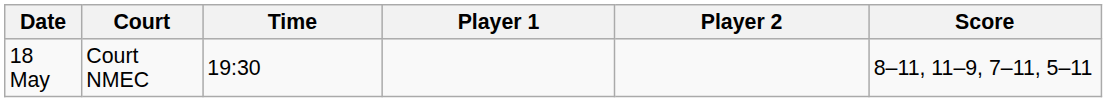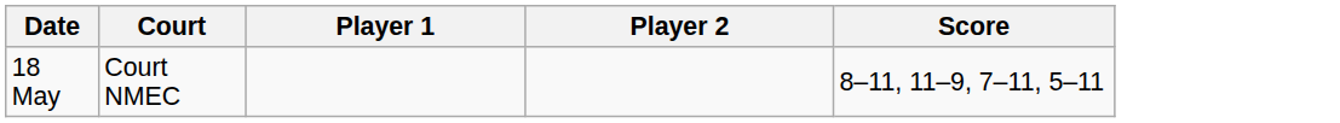 <table class="sortable wikitable" style="font-size:90%">
 <tr>
 <th width="45" class="unsortable">Date</th>
 <th width="75">Court</th>
-<th width="115">Time</th>
 <th width="150">Player 1</th>
 <th width="165">Player 2</th>
 <th width="150" class="unsortable">Score</th>
 </tr>
 <tr>
 <td>18 May</td>
 <td>Court NMEC</td>
-<td>19:30</td>
 <td></td>
 <td><strong></strong></td>
 <td>8–11, 11–9, 7–11, 5–11</td>
 </tr>
 </table>
